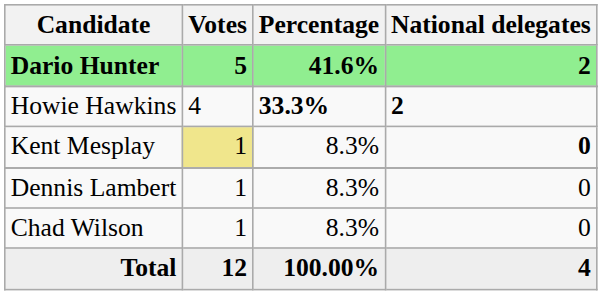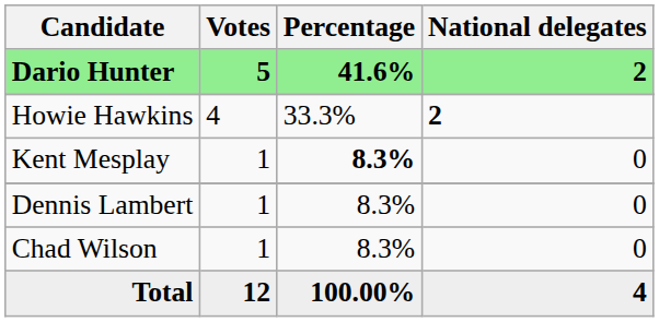 <table class="wikitable" style="text-align:right;">
 <tr>
 <th>Candidate</th>
 <th>Votes</th>
 <th>Percentage</th>
 <th>National delegates</th>
 </tr>
 <tr style="background:lightgreen;">
 <td style="text-align:left;"><strong>Dario Hunter</strong></td>
 <td><strong>5</strong></td>
 <td><strong>41.6%</strong></td>
 <td><strong>2</strong></td>
 </tr>
 <tr>
 </tr>
 <tr style="text-align:left;">
 <td style="text-align:left;">Howie Hawkins</td>
 <td>4</td>
-<td><strong>33.3%</strong></td>
+<td>33.3%</td>
 <td><strong>2</strong></td>
 </tr>
 <tr>
 <td style="text-align:left;">Kent Mesplay</td>
-<td style="background: khaki;">1</td>
-<td>8.3%</td>
-<td><strong>0</strong></td>
+<td>1</td>
+<td><strong>8.3%</strong></td>
+<td>0</td>
 </tr>
 <tr>
 </tr>
 <tr>
 <td style="text-align:left;">Dennis Lambert</td>
 <td>1</td>
 <td>8.3%</td>
 <td>0</td>
 </tr>
 <tr>
 <td style="text-align:left;">Chad Wilson</td>
 <td>1</td>
 <td>8.3%</td>
 <td>0</td>
 </tr>
 <tr style="background:#eee;">
 <td style="margin-right:0.50px"><strong>Total</strong></td>
 <td style="margin-right:0.50px"><strong>12</strong></td>
 <td style="margin-right:0.50px"><strong>100.00%</strong></td>
 <td style="margin-right:0.50px"><strong>4</strong></td>
 </tr>
 </table>
